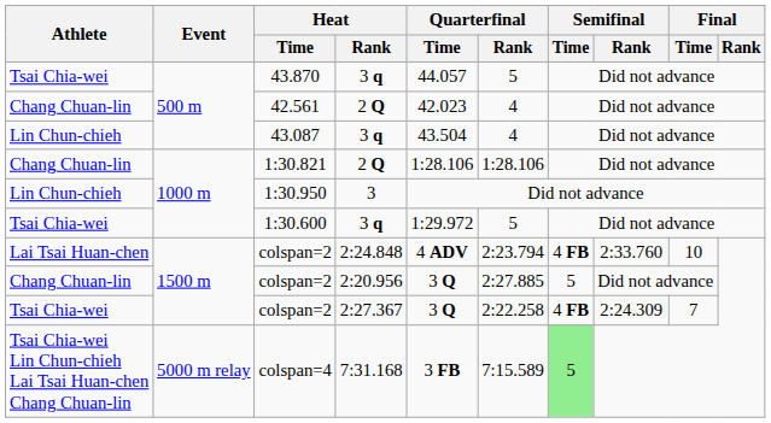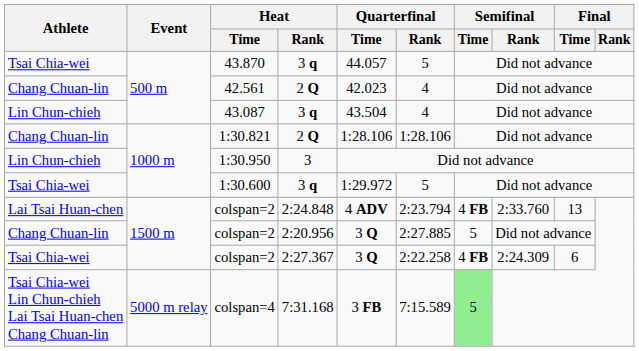 <table class="wikitable" style="font-size:90%">
 <tr>
 <th rowspan=2>Athlete</th>
 <th rowspan=2>Event</th>
 <th colspan=2>Heat</th>
 <th colspan=2>Quarterfinal</th>
 <th colspan=2>Semifinal</th>
 <th colspan=2>Final</th>
 </tr>
 <tr style="font-size:95%">
 <th>Time</th>
 <th>Rank</th>
 <th>Time</th>
 <th>Rank</th>
 <th>Time</th>
 <th>Rank</th>
 <th>Time</th>
 <th>Rank</th>
 </tr>
 <tr align=center>
 <td align=left><a href='#'>Tsai Chia-wei</a></td>
 <td align=left rowspan=3><a href='#'>500 m</a></td>
 <td>43.870</td>
 <td>3 <strong>q</strong></td>
 <td>44.057</td>
 <td>5</td>
 <td colspan=4>Did not advance</td>
 </tr>
 <tr align=center>
 <td align=left><a href='#'>Chang Chuan-lin</a></td>
 <td>42.561</td>
 <td>2 <strong>Q</strong></td>
 <td>42.023</td>
 <td>4</td>
 <td colspan=4>Did not advance</td>
 </tr>
 <tr align=center>
 <td align=left><a href='#'>Lin Chun-chieh</a></td>
 <td>43.087</td>
 <td>3 <strong>q</strong></td>
 <td>43.504</td>
 <td>4</td>
 <td colspan=4>Did not advance</td>
 </tr>
 <tr align=center>
 <td align=left><a href='#'>Chang Chuan-lin</a></td>
 <td align=left rowspan=3><a href='#'>1000 m</a></td>
 <td>1:30.821</td>
 <td>2 <strong>Q</strong></td>
 <td>1:28.106</td>
 <td>1:28.106</td>
 <td colspan=4>Did not advance</td>
 </tr>
 <tr align=center>
 <td align=left><a href='#'>Lin Chun-chieh</a></td>
 <td>1:30.950</td>
 <td>3</td>
 <td colspan=6>Did not advance</td>
 </tr>
 <tr align=center>
 <td align=left><a href='#'>Tsai Chia-wei</a></td>
 <td>1:30.600</td>
 <td>3 <strong>q</strong></td>
 <td>1:29.972</td>
 <td>5</td>
 <td colspan=4>Did not advance</td>
 </tr>
 <tr align=center>
 <td align=left><a href='#'>Lai Tsai Huan-chen</a></td>
 <td align=left rowspan=3><a href='#'>1500 m</a></td>
 <td>colspan=2 </td>
 <td>2:24.848</td>
 <td>4 <strong>ADV</strong></td>
 <td>2:23.794</td>
 <td>4 <strong>FB</strong></td>
 <td>2:33.760</td>
-<td>10</td>
+<td>13</td>
 </tr>
 <tr align=center>
 <td align=left><a href='#'>Chang Chuan-lin</a></td>
 <td>colspan=2 </td>
 <td>2:20.956</td>
 <td>3 <strong>Q</strong></td>
 <td>2:27.885</td>
 <td>5</td>
 <td colspan=2>Did not advance</td>
 </tr>
 <tr align=center>
 <td align=left><a href='#'>Tsai Chia-wei</a></td>
 <td>colspan=2 </td>
 <td>2:27.367</td>
 <td>3 <strong>Q</strong></td>
 <td>2:22.258</td>
 <td>4 <strong>FB</strong></td>
 <td>2:24.309</td>
-<td>7</td>
+<td>6</td>
 </tr>
 <tr align=center>
 <td align=left><a href='#'>Tsai Chia-wei</a><br><a href='#'>Lin Chun-chieh</a><br><a href='#'>Lai Tsai Huan-chen</a><br><a href='#'>Chang Chuan-lin</a></td>
 <td align=left><a href='#'>5000 m relay</a></td>
 <td>colspan=4 </td>
 <td>7:31.168</td>
 <td>3 <strong>FB</strong></td>
 <td>7:15.589</td>
 <td style="background: lightgreen;">5</td>
 </tr>
 </table>
